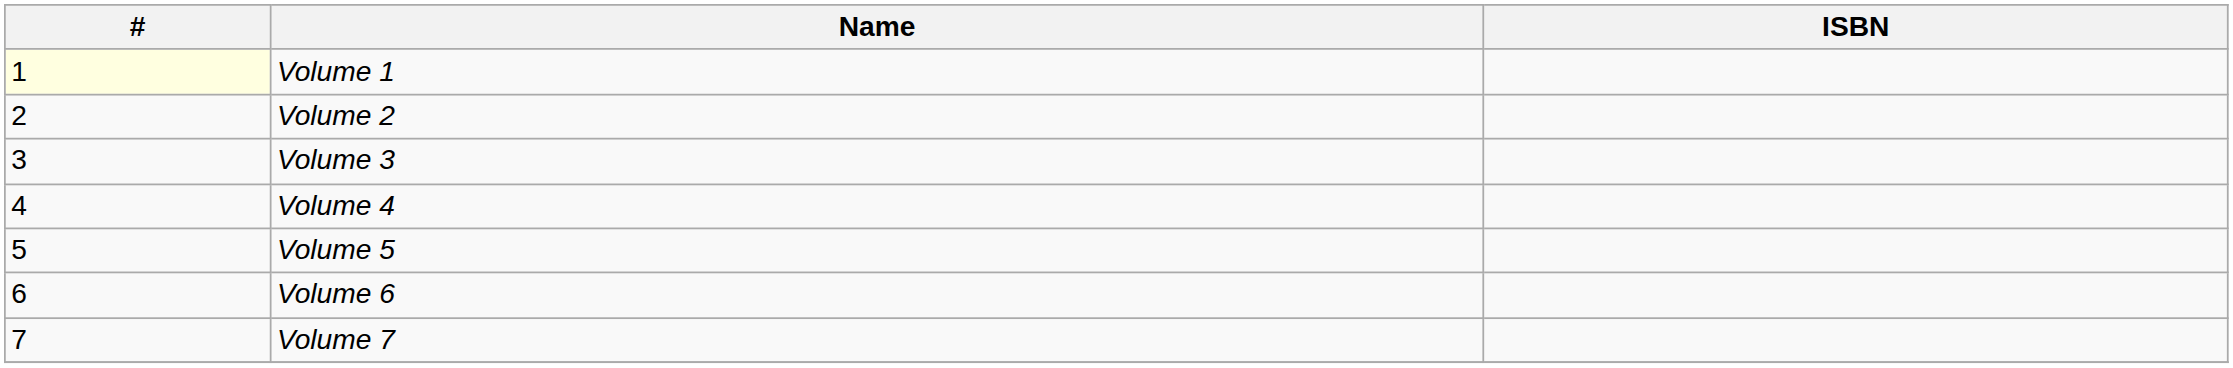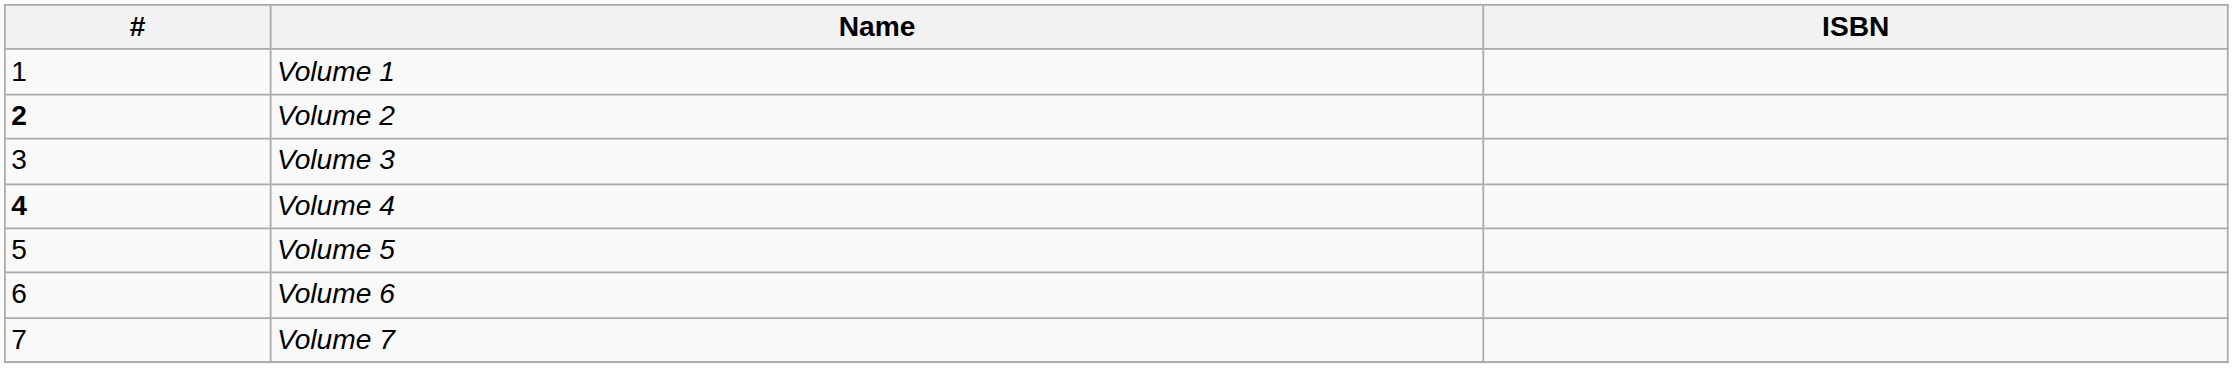 <table class="wikitable" width="100%">
 <tr>
 <th>#</th>
 <th>Name</th>
 <th>ISBN</th>
 </tr>
 <tr>
-<td style="background: lightyellow;">1</td>
+<td>1</td>
 <td><em>Volume 1</em></td>
 <td><small></small></td>
 </tr>
 <tr>
-<td>2</td>
+<td><strong>2</strong></td>
 <td><em>Volume 2</em></td>
 <td><small></small></td>
 </tr>
 <tr>
 <td>3</td>
 <td><em>Volume 3</em></td>
 <td><small></small></td>
 </tr>
 <tr>
-<td>4</td>
+<td><strong>4</strong></td>
 <td><em>Volume 4</em></td>
 <td><small></small></td>
 </tr>
 <tr>
 <td>5</td>
 <td><em>Volume 5</em></td>
 <td><small></small></td>
 </tr>
 <tr>
 <td>6</td>
 <td><em>Volume 6</em></td>
 <td><small></small></td>
 </tr>
 <tr>
 <td>7</td>
 <td><em>Volume 7</em></td>
 <td><small></small></td>
 </tr>
 <tr>
 </tr>
 </table>
